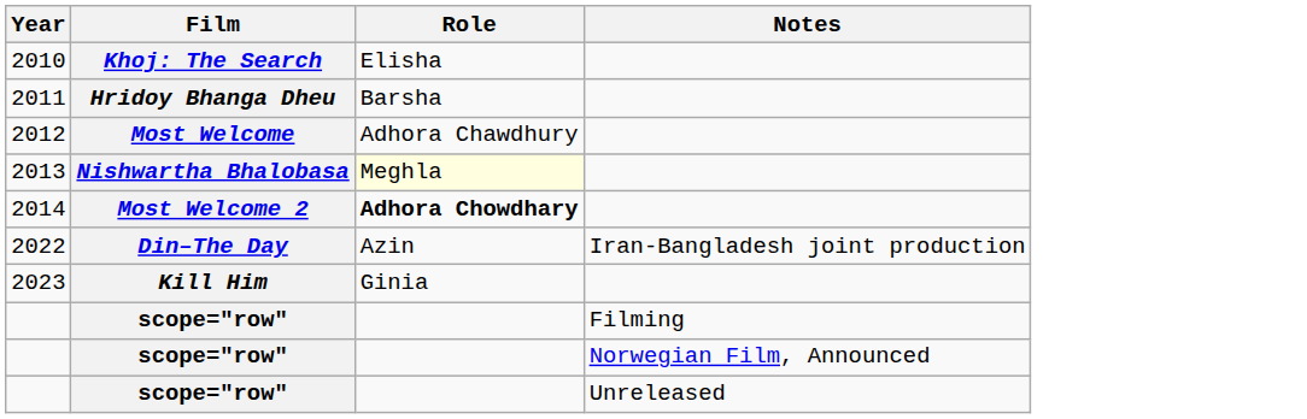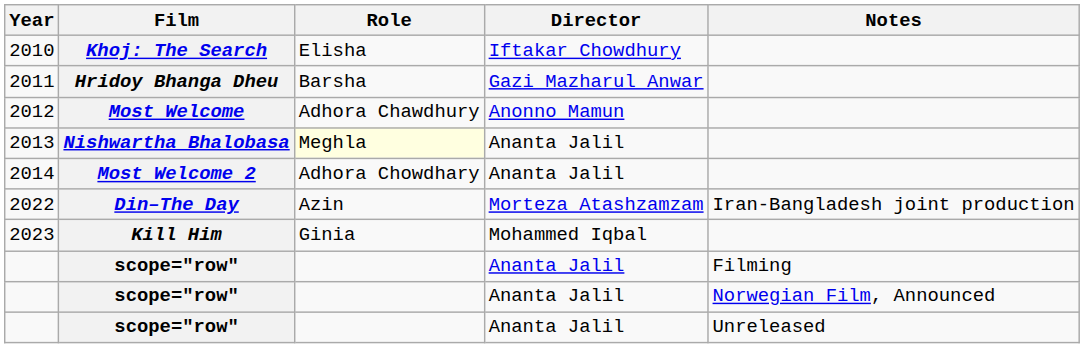 <table class="wikitable sortable plainrowheaders">
 <tr>
 <th>Year</th>
 <th>Film</th>
 <th>Role</th>
+<th>Director</th>
 <th>Notes</th>
 </tr>
 <tr>
 <td>2010</td>
 <th scope="row"><em><a href='#'>Khoj: The Search</a></em></th>
 <td>Elisha</td>
+<td><a href='#'>Iftakar Chowdhury</a></td>
 <td></td>
 </tr>
 <tr>
 <td>2011</td>
 <th scope="row"><em>Hridoy Bhanga Dheu</em></th>
 <td>Barsha</td>
+<td><a href='#'>Gazi Mazharul Anwar</a></td>
 <td></td>
 </tr>
 <tr>
 <td>2012</td>
 <th scope="row"><em><a href='#'>Most Welcome</a></em></th>
 <td>Adhora Chawdhury</td>
+<td><a href='#'>Anonno Mamun</a></td>
 <td></td>
 </tr>
 <tr>
 <td>2013</td>
 <th scope="row"><em><a href='#'>Nishwartha Bhalobasa</a></em></th>
 <td style="background: lightyellow;">Meghla</td>
+<td>Ananta Jalil</td>
 <td></td>
 </tr>
 <tr>
 <td>2014</td>
 <th scope="row"><em><a href='#'>Most Welcome 2</a></em></th>
-<td><strong>Adhora Chowdhary</strong></td>
+<td>Adhora Chowdhary</td>
+<td>Ananta Jalil</td>
 <td></td>
 </tr>
 <tr>
 <td>2022</td>
 <th scope="row"><em><a href='#'>Din–The Day</a></em></th>
 <td>Azin</td>
+<td><a href='#'>Morteza Atashzamzam</a></td>
 <td>Iran-Bangladesh joint production</td>
 </tr>
 <tr>
 <td>2023</td>
 <th scope="row"><em>Kill Him</em></th>
 <td>Ginia</td>
+<td>Mohammed Iqbal</td>
 <td></td>
 </tr>
 <tr>
 <td></td>
 <th>scope="row"</th>
 <td></td>
+<td><a href='#'>Ananta Jalil</a></td>
 <td>Filming</td>
 </tr>
 <tr>
 <td></td>
 <th>scope="row"</th>
 <td></td>
+<td>Ananta Jalil</td>
 <td><a href='#'>Norwegian Film</a>, Announced </td>
 </tr>
 <tr>
 <td></td>
 <th>scope="row"</th>
 <td></td>
+<td>Ananta Jalil</td>
 <td>Unreleased </td>
 </tr>
 </table>
